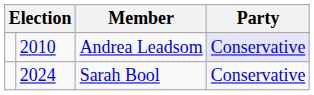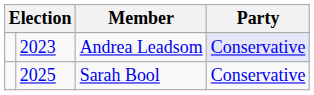 <table class="wikitable">
 <tr>
 <th colspan="2">Election</th>
 <th>Member</th>
 <th>Party</th>
 </tr>
 <tr>
 <td style="color:inherit;background-color: "></td>
-<td><a href='#'>2010</a></td>
+<td><a href='#'>2023</a></td>
 <td><a href='#'>Andrea Leadsom</a></td>
 <td style="background: lavender;"><a href='#'>Conservative</a></td>
 </tr>
 <tr>
 <td style="color:inherit;background-color: "></td>
-<td><a href='#'>2024</a></td>
+<td><a href='#'>2025</a></td>
 <td><a href='#'>Sarah Bool</a></td>
 <td><a href='#'>Conservative</a></td>
 </tr>
 </table>
